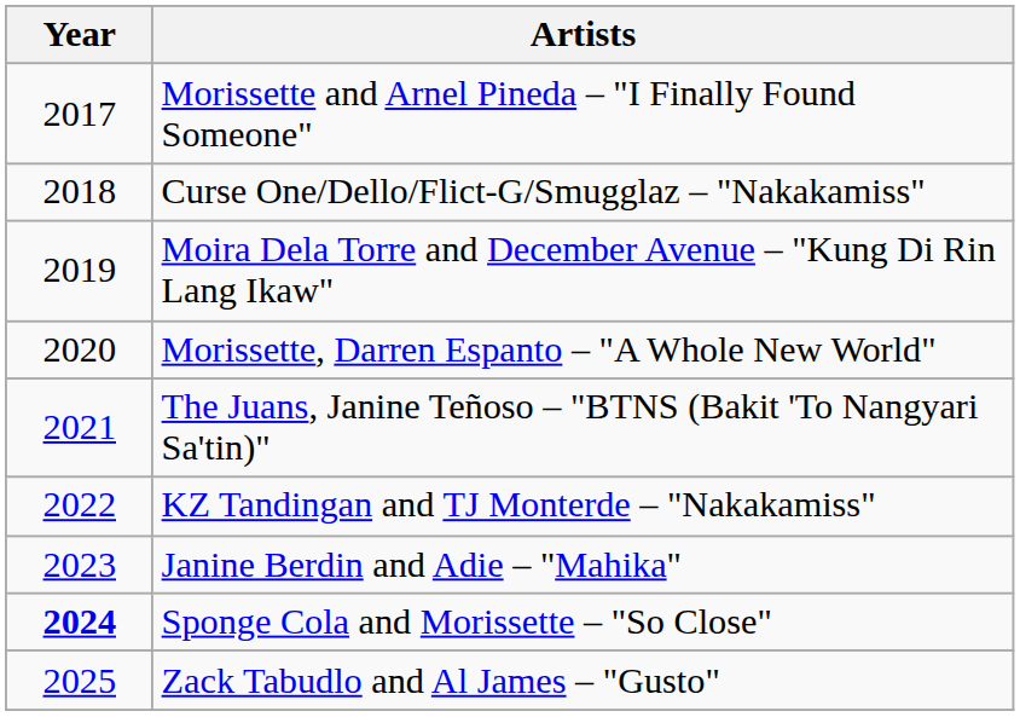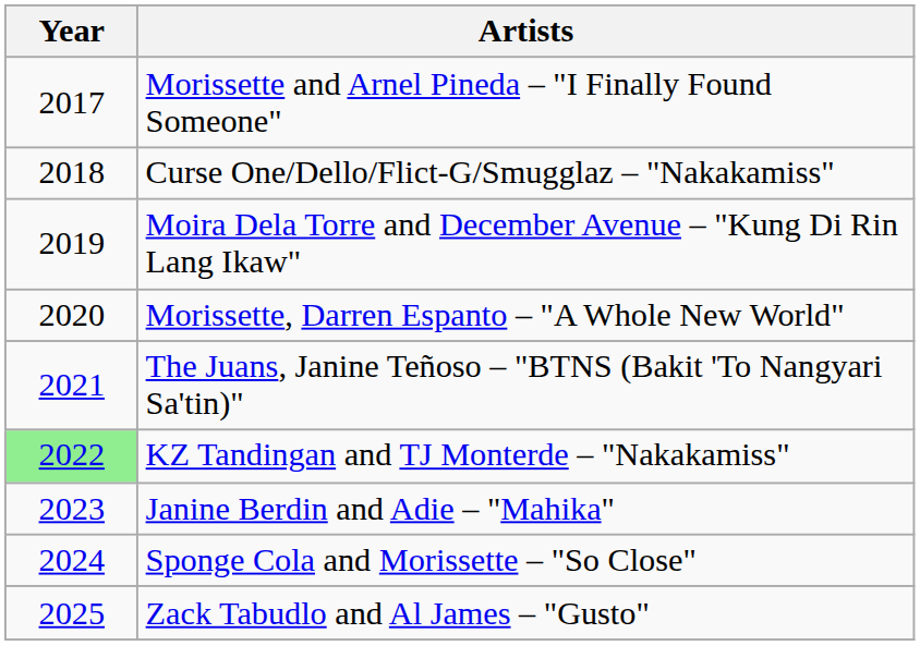 <table class="wikitable sortable"  style="width:50%;">
 <tr>
 <th width=5%  scope="col">Year</th>
 <th width=40%  scope="col">Artists</th>
 </tr>
 <tr>
 <td align="center">2017</td>
 <td><a href='#'>Morissette</a> and <a href='#'>Arnel Pineda</a> – "I Finally Found Someone"</td>
 </tr>
 <tr>
 <td align="center">2018</td>
 <td>Curse One/Dello/Flict-G/Smugglaz – "Nakakamiss"</td>
 </tr>
 <tr>
 <td align="center">2019</td>
 <td><a href='#'>Moira Dela Torre</a> and <a href='#'>December Avenue</a> – "Kung Di Rin Lang Ikaw"</td>
 </tr>
 <tr>
 <td align="center">2020</td>
 <td><a href='#'>Morissette</a>, <a href='#'>Darren Espanto</a> – "A Whole New World"</td>
 </tr>
 <tr>
 <td align="center"><a href='#'>2021</a></td>
 <td><a href='#'>The Juans</a>, Janine Teñoso – "BTNS (Bakit 'To Nangyari Sa'tin)"</td>
 </tr>
 <tr>
-<td align="center"><a href='#'>2022</a></td>
+<td align="center" style="background: lightgreen;"><a href='#'>2022</a></td>
 <td><a href='#'>KZ Tandingan</a> and <a href='#'>TJ Monterde</a> – "Nakakamiss"</td>
 </tr>
 <tr>
 <td align="center"><a href='#'>2023</a></td>
 <td><a href='#'>Janine Berdin</a> and <a href='#'>Adie</a> – "<a href='#'>Mahika</a>"</td>
 </tr>
 <tr>
-<td align="center"><strong><a href='#'>2024</a></strong></td>
+<td align="center"><a href='#'>2024</a></td>
 <td><a href='#'>Sponge Cola</a> and <a href='#'>Morissette</a> – "So Close"</td>
 </tr>
 <tr>
 <td align="center"><a href='#'>2025</a></td>
 <td><a href='#'>Zack Tabudlo</a> and <a href='#'>Al James</a> – "Gusto"</td>
 </tr>
 </table>
